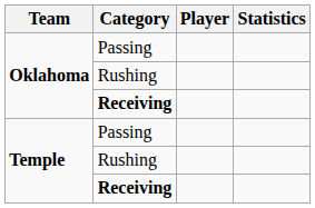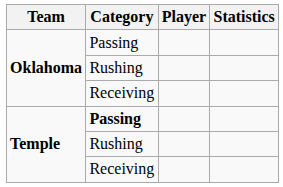 <table class="wikitable" style="float: right;">
 <tr>
 <th>Team</th>
 <th>Category</th>
 <th>Player</th>
 <th>Statistics</th>
 </tr>
 <tr>
 <td rowspan=3><strong>Oklahoma</strong></td>
 <td>Passing</td>
 <td></td>
 <td></td>
 </tr>
 <tr>
 <td>Rushing</td>
 <td></td>
 <td></td>
 </tr>
 <tr>
-<td><strong>Receiving</strong></td>
+<td>Receiving</td>
 <td></td>
 <td></td>
 </tr>
 <tr>
 <td rowspan=3><strong>Temple</strong></td>
-<td>Passing</td>
+<td><strong>Passing</strong></td>
 <td></td>
 <td></td>
 </tr>
 <tr>
 <td>Rushing</td>
 <td></td>
 <td></td>
 </tr>
 <tr>
-<td><strong>Receiving</strong></td>
+<td>Receiving</td>
 <td></td>
 <td></td>
 </tr>
 </table>
